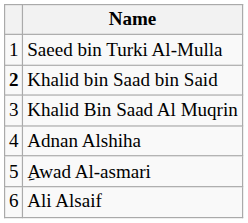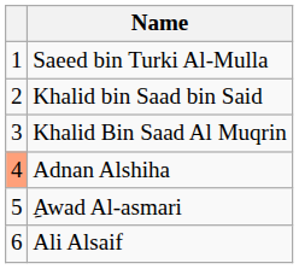 <table class="wikitable mw-collapsible">
 <tr>
 <th></th>
 <th>Name</th>
 </tr>
 <tr>
 <td>1</td>
 <td>Saeed bin Turki Al-Mulla</td>
 </tr>
 <tr>
-<td><strong>2</strong></td>
+<td>2</td>
 <td>Khalid bin Saad bin Said</td>
 </tr>
 <tr>
 <td>3</td>
 <td>Khalid Bin Saad Al Muqrin</td>
 </tr>
 <tr>
-<td>4</td>
+<td style="background: lightsalmon;">4</td>
 <td>Adnan  Alshiha</td>
 </tr>
 <tr>
 <td>5</td>
 <td>ِAwad Al-asmari</td>
 </tr>
 <tr>
 <td>6</td>
 <td>Ali Alsaif</td>
 </tr>
 </table>
